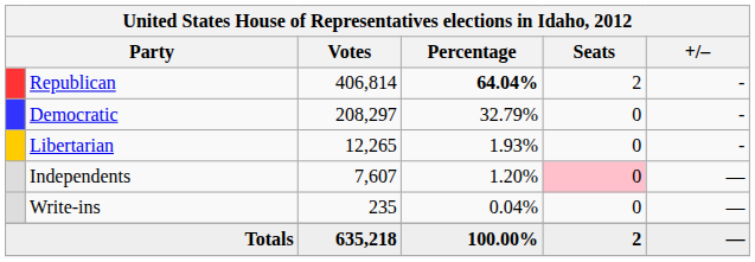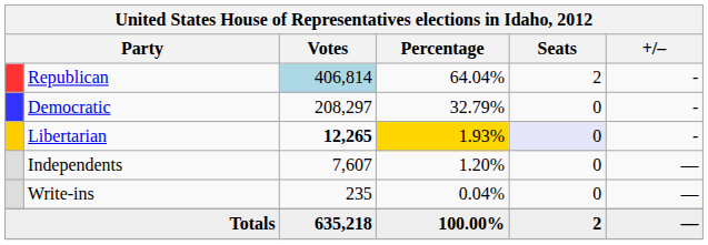 <table class="wikitable" style="font-size: 95%;">
 <tr>
 <th colspan="6">United States House of Representatives elections in Idaho, 2012</th>
 </tr>
 <tr>
 <th colspan=2 style="width: 15em">Party</th>
 <th style="width: 5em">Votes</th>
 <th style="width: 7em">Percentage</th>
 <th style="width: 5em">Seats</th>
 <th style="width: 5em">+/–</th>
 </tr>
 <tr>
 <th style="background-color:#FF3333; width: 3px"></th>
 <td style="width: 130px"><a href='#'>Republican</a></td>
-<td align="right">406,814</td>
-<td align="right"><strong>64.04%</strong></td>
+<td align="right" style="background: lightblue;">406,814</td>
+<td align="right">64.04%</td>
 <td align="right">2</td>
 <td align="right">-</td>
 </tr>
 <tr>
 <th style="background-color:#3333FF; width: 3px"></th>
 <td style="width: 130px"><a href='#'>Democratic</a></td>
 <td align="right">208,297</td>
 <td align="right">32.79%</td>
 <td align="right">0</td>
 <td align="right">-</td>
 </tr>
 <tr>
 <th style="background-color:#FFCC00; width: 3px"></th>
 <td style="width: 130px"><a href='#'>Libertarian</a></td>
-<td align="right">12,265</td>
-<td align="right">1.93%</td>
-<td align="right">0</td>
+<td align="right"><strong>12,265</strong></td>
+<td align="right" style="background: gold;">1.93%</td>
+<td align="right" style="background: lavender;">0</td>
 <td align="right">-</td>
 </tr>
 <tr>
 <th style="background-color:#DDDDDD; width: 3px"></th>
 <td style="width: 130px">Independents</td>
 <td align="right">7,607</td>
 <td align="right">1.20%</td>
-<td align="right" style="background: pink;">0</td>
+<td align="right">0</td>
 <td align="right">—</td>
 </tr>
 <tr>
 <th style="background-color:#DDDDDD; width: 3px"></th>
 <td style="width: 130px">Write-ins</td>
 <td align="right">235</td>
 <td align="right">0.04%</td>
 <td align="right">0</td>
 <td align="right">—</td>
 </tr>
 <tr>
 </tr>
 <tr bgcolor="#EEEEEE">
 <td colspan="2" align="right"><strong>Totals</strong></td>
 <td align="right"><strong>635,218</strong></td>
 <td align="right"><strong>100.00%</strong></td>
 <td align="right"><strong>2</strong></td>
 <td align="right"><strong>—</strong></td>
 </tr>
 <tr bgcolor="#EEEEEE">
 </tr>
 </table>
